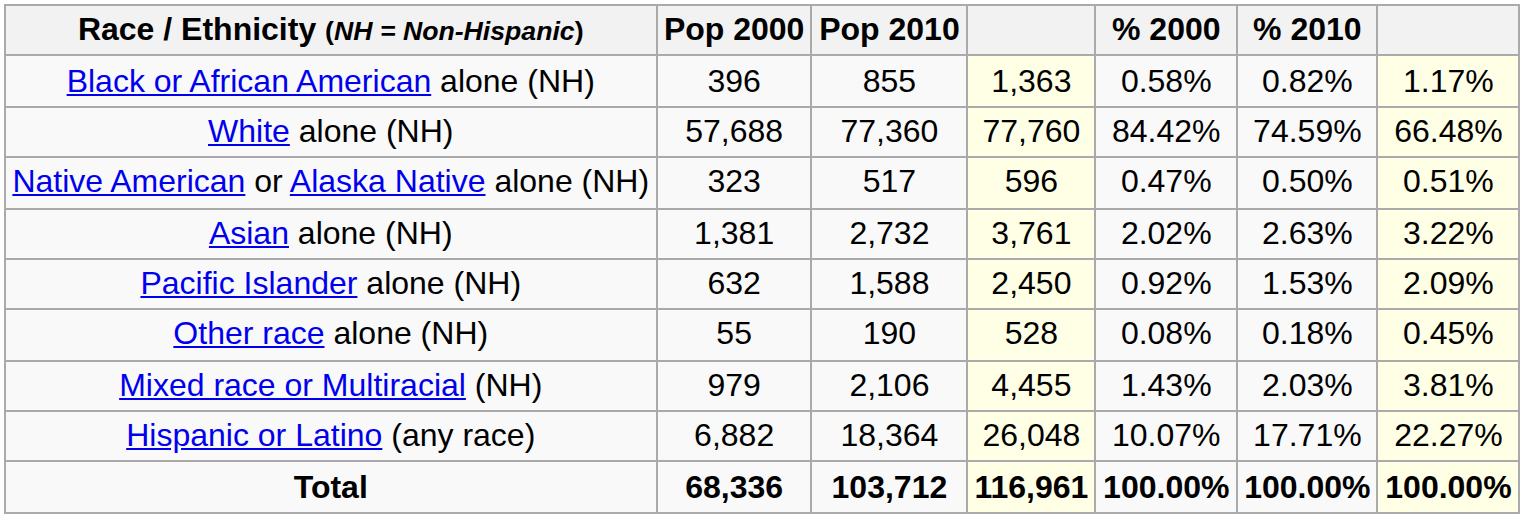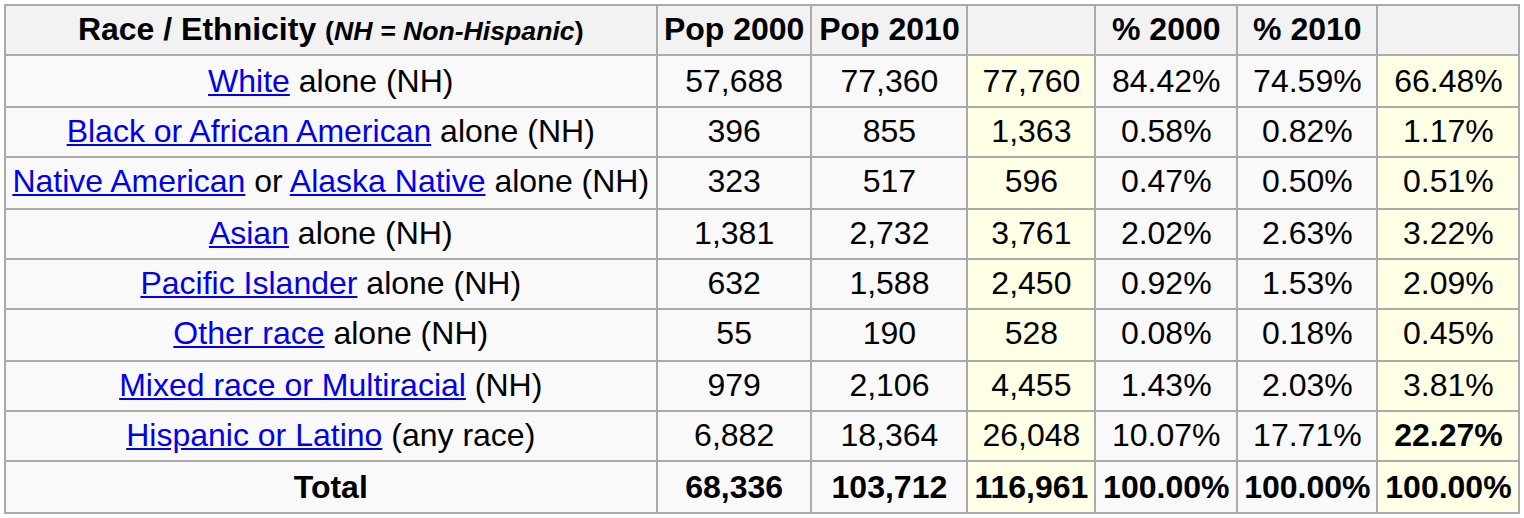 <table class="wikitable" style="text-align:center;">
 <tr>
 <th>Race / Ethnicity <small>(<em>NH = Non-Hispanic</em>)</small></th>
 <th>Pop 2000</th>
 <th>Pop 2010</th>
 <th></th>
 <th>% 2000</th>
 <th>% 2010</th>
 <th></th>
 </tr>
 <tr>
+<td><a href='#'>White</a> alone (NH)</td>
+<td>57,688</td>
+<td>77,360</td>
+<td style='background: #ffffe6;'>77,760</td>
+<td>84.42%</td>
+<td>74.59%</td>
+<td style='background: #ffffe6;'>66.48%</td>
+</tr>
+<tr>
 <td><a href='#'>Black or African American</a> alone (NH)</td>
 <td>396</td>
 <td>855</td>
 <td style='background: #ffffe6;'>1,363</td>
 <td>0.58%</td>
 <td>0.82%</td>
 <td style='background: #ffffe6;'>1.17%</td>
-</tr>
-<tr>
-<td><a href='#'>White</a> alone (NH)</td>
-<td>57,688</td>
-<td>77,360</td>
-<td style='background: #ffffe6;'>77,760</td>
-<td>84.42%</td>
-<td>74.59%</td>
-<td style='background: #ffffe6;'>66.48%</td>
 </tr>
 <tr>
 <td><a href='#'>Native American</a> or <a href='#'>Alaska Native</a> alone (NH)</td>
 <td>323</td>
 <td>517</td>
 <td style='background: #ffffe6;'>596</td>
 <td>0.47%</td>
 <td>0.50%</td>
 <td style='background: #ffffe6;'>0.51%</td>
 </tr>
 <tr>
 <td><a href='#'>Asian</a> alone (NH)</td>
 <td>1,381</td>
 <td>2,732</td>
 <td style='background: #ffffe6;'>3,761</td>
 <td>2.02%</td>
 <td>2.63%</td>
 <td style='background: #ffffe6;'>3.22%</td>
 </tr>
 <tr>
 <td><a href='#'>Pacific Islander</a> alone (NH)</td>
 <td>632</td>
 <td>1,588</td>
 <td style='background: #ffffe6;'>2,450</td>
 <td>0.92%</td>
 <td>1.53%</td>
 <td style='background: #ffffe6;'>2.09%</td>
 </tr>
 <tr>
 <td><a href='#'>Other race</a> alone (NH)</td>
 <td>55</td>
 <td>190</td>
 <td style='background: #ffffe6;'>528</td>
 <td>0.08%</td>
 <td>0.18%</td>
 <td style='background: #ffffe6;'>0.45%</td>
 </tr>
 <tr>
 <td><a href='#'>Mixed race or Multiracial</a> (NH)</td>
 <td>979</td>
 <td>2,106</td>
 <td style='background: #ffffe6;'>4,455</td>
 <td>1.43%</td>
 <td>2.03%</td>
 <td style='background: #ffffe6;'>3.81%</td>
 </tr>
 <tr>
 <td><a href='#'>Hispanic or Latino</a> (any race)</td>
 <td>6,882</td>
 <td>18,364</td>
 <td style='background: #ffffe6;'>26,048</td>
 <td>10.07%</td>
 <td>17.71%</td>
-<td style='background: #ffffe6;'>22.27%</td>
+<td style='background: #ffffe6;'><strong>22.27%</strong></td>
 </tr>
 <tr>
 <td><strong>Total</strong></td>
 <td><strong>68,336</strong></td>
 <td><strong>103,712</strong></td>
 <td style='background: #ffffe6;'><strong>116,961</strong></td>
 <td><strong>100.00%</strong></td>
 <td><strong>100.00%</strong></td>
 <td style='background: #ffffe6;'><strong>100.00%</strong></td>
 </tr>
 </table>
